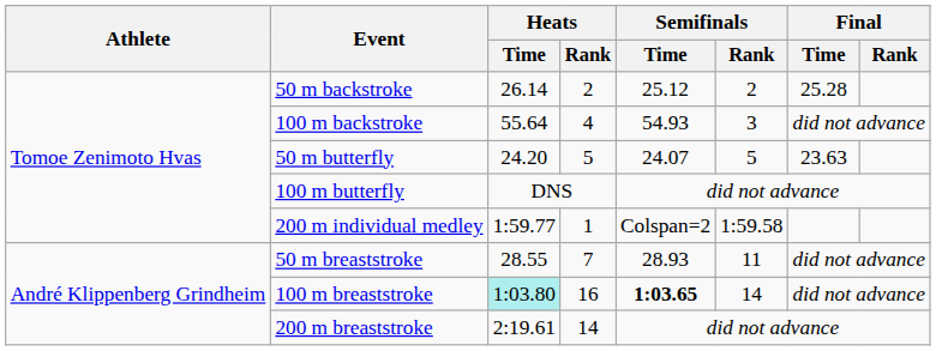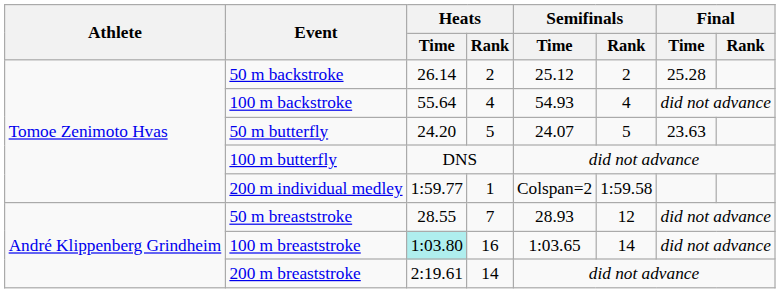 <table class=wikitable style="text-align:center;font-size:90%">
 <tr>
 <th rowspan=2>Athlete</th>
 <th rowspan=2>Event</th>
 <th colspan=2>Heats</th>
 <th colspan=2>Semifinals</th>
 <th colspan=2>Final</th>
 </tr>
 <tr style="font-size:95%">
 <th>Time</th>
 <th>Rank</th>
 <th>Time</th>
 <th>Rank</th>
 <th>Time</th>
 <th>Rank</th>
 </tr>
 <tr>
 <td rowspan=5 align=left><a href='#'>Tomoe Zenimoto Hvas</a></td>
 <td align=left><a href='#'>50 m backstroke</a></td>
 <td>26.14</td>
 <td>2</td>
 <td>25.12</td>
 <td>2</td>
 <td>25.28</td>
 <td></td>
 </tr>
 <tr>
 <td align=left><a href='#'>100 m backstroke</a></td>
 <td>55.64</td>
 <td>4</td>
 <td>54.93</td>
-<td>3 </td>
+<td>4 </td>
 <td Colspan=2><em>did not advance</em></td>
 </tr>
 <tr>
 <td align=left><a href='#'>50 m butterfly</a></td>
 <td>24.20</td>
 <td>5</td>
 <td>24.07</td>
 <td>5</td>
 <td>23.63</td>
 <td></td>
 </tr>
 <tr>
 <td align=left><a href='#'>100 m butterfly</a></td>
 <td colspan=2>DNS</td>
 <td colspan=4><em>did not advance</em></td>
 </tr>
 <tr>
 <td align=left><a href='#'>200 m individual medley</a></td>
 <td>1:59.77</td>
 <td>1</td>
 <td>Colspan=2</td>
 <td>1:59.58</td>
 <td></td>
 </tr>
 <tr>
 <td rowspan=3 align=left><a href='#'>André Klippenberg Grindheim</a></td>
 <td align=left><a href='#'>50 m breaststroke</a></td>
 <td>28.55</td>
 <td>7</td>
 <td>28.93</td>
-<td>11</td>
+<td>12</td>
 <td Colspan=2><em>did not advance</em></td>
 </tr>
 <tr>
 <td align=left><a href='#'>100 m breaststroke</a></td>
 <td style="background: paleturquoise;">1:03.80</td>
 <td>16</td>
-<td><strong>1:03.65</strong></td>
+<td>1:03.65</td>
 <td>14</td>
 <td Colspan=2><em>did not advance</em></td>
 </tr>
 <tr>
 <td align=left><a href='#'>200 m breaststroke</a></td>
 <td>2:19.61</td>
 <td>14</td>
 <td Colspan=4><em>did not advance</em></td>
 </tr>
 </table>
